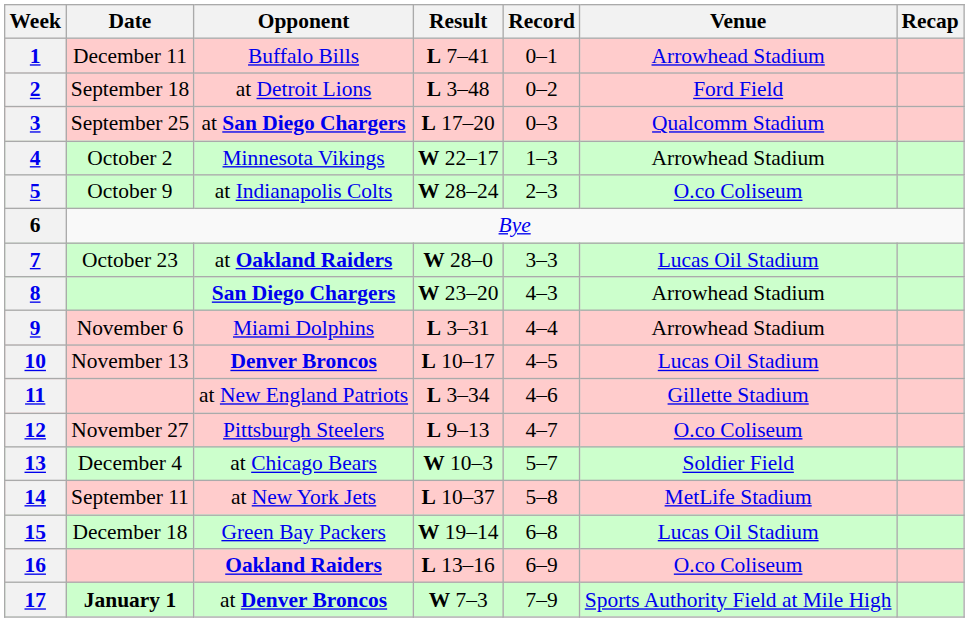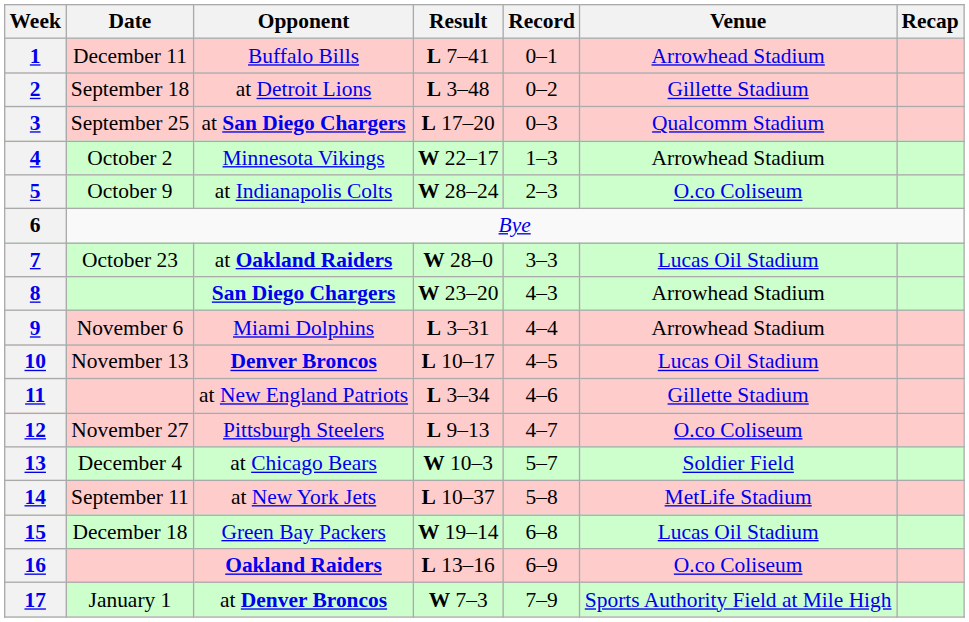 <table class="wikitable" style="text-align:center">
 <tr>
 <th>Week</th>
 <th>Date</th>
 <th>Opponent</th>
 <th>Result</th>
 <th>Record</th>
 <th>Venue</th>
 <th>Recap</th>
 </tr>
 <tr style="background:#fcc">
 <th><a href='#'>1</a></th>
 <td>December 11</td>
 <td><a href='#'>Buffalo Bills</a></td>
 <td><strong>L</strong> 7–41</td>
 <td>0–1</td>
 <td><a href='#'>Arrowhead Stadium</a></td>
 <td></td>
 </tr>
 <tr style="background:#fcc">
 <th><a href='#'>2</a></th>
 <td>September 18</td>
 <td>at <a href='#'>Detroit Lions</a></td>
 <td><strong>L</strong> 3–48</td>
 <td>0–2</td>
-<td><a href='#'>Ford Field</a></td>
+<td><a href='#'>Gillette Stadium</a></td>
 <td></td>
 </tr>
 <tr style="background:#fcc">
 <th><a href='#'>3</a></th>
 <td>September 25</td>
 <td>at <strong><a href='#'>San Diego Chargers</a></strong></td>
 <td><strong>L</strong> 17–20</td>
 <td>0–3</td>
 <td><a href='#'>Qualcomm Stadium</a></td>
 <td></td>
 </tr>
 <tr style="background:#cfc">
 <th><a href='#'>4</a></th>
 <td>October 2</td>
 <td><a href='#'>Minnesota Vikings</a></td>
 <td><strong>W</strong> 22–17</td>
 <td>1–3</td>
 <td>Arrowhead Stadium</td>
 <td></td>
 </tr>
 <tr style="background:#cfc">
 <th><a href='#'>5</a></th>
 <td>October 9</td>
 <td>at <a href='#'>Indianapolis Colts</a></td>
 <td><strong>W</strong> 28–24</td>
 <td>2–3</td>
 <td><a href='#'>O.co Coliseum</a></td>
 <td></td>
 </tr>
 <tr>
 <th>6</th>
 <td colspan="6"><em><a href='#'>Bye</a></em></td>
 </tr>
 <tr style="background:#cfc">
 <th><a href='#'>7</a></th>
 <td>October 23</td>
 <td>at <strong><a href='#'>Oakland Raiders</a></strong></td>
 <td><strong>W</strong> 28–0</td>
 <td>3–3</td>
 <td><a href='#'>Lucas Oil Stadium</a></td>
 <td></td>
 </tr>
 <tr style="background:#cfc">
 <th><a href='#'>8</a></th>
 <td></td>
 <td><strong><a href='#'>San Diego Chargers</a></strong></td>
 <td><strong>W</strong> 23–20 </td>
 <td>4–3</td>
 <td>Arrowhead Stadium</td>
 <td></td>
 </tr>
 <tr style="background:#fcc">
 <th><a href='#'>9</a></th>
 <td>November 6</td>
 <td><a href='#'>Miami Dolphins</a></td>
 <td><strong>L</strong> 3–31</td>
 <td>4–4</td>
 <td>Arrowhead Stadium</td>
 <td></td>
 </tr>
 <tr style="background:#fcc">
 <th><a href='#'>10</a></th>
 <td>November 13</td>
 <td><strong><a href='#'>Denver Broncos</a></strong></td>
 <td><strong>L</strong> 10–17</td>
 <td>4–5</td>
 <td><a href='#'>Lucas Oil Stadium</a></td>
 <td></td>
 </tr>
 <tr style="background:#fcc">
 <th><a href='#'>11</a></th>
 <td></td>
 <td>at <a href='#'>New England Patriots</a></td>
 <td><strong>L</strong> 3–34</td>
 <td>4–6</td>
 <td><a href='#'>Gillette Stadium</a></td>
 <td></td>
 </tr>
 <tr style="background:#fcc">
 <th><a href='#'>12</a></th>
 <td>November 27</td>
 <td><a href='#'>Pittsburgh Steelers</a></td>
 <td><strong>L</strong> 9–13</td>
 <td>4–7</td>
 <td><a href='#'>O.co Coliseum</a></td>
 <td></td>
 </tr>
 <tr style="background:#cfc">
 <th><a href='#'>13</a></th>
 <td>December 4</td>
 <td>at <a href='#'>Chicago Bears</a></td>
 <td><strong>W</strong> 10–3</td>
 <td>5–7</td>
 <td><a href='#'>Soldier Field</a></td>
 <td></td>
 </tr>
 <tr style="background:#fcc">
 <th><a href='#'>14</a></th>
 <td>September 11</td>
 <td>at <a href='#'>New York Jets</a></td>
 <td><strong>L</strong> 10–37</td>
 <td>5–8</td>
 <td><a href='#'>MetLife Stadium</a></td>
 <td></td>
 </tr>
 <tr style="background:#cfc">
 <th><a href='#'>15</a></th>
 <td>December 18</td>
 <td><a href='#'>Green Bay Packers</a></td>
 <td><strong>W</strong> 19–14</td>
 <td>6–8</td>
 <td><a href='#'>Lucas Oil Stadium</a></td>
 <td></td>
 </tr>
 <tr style="background:#fcc">
 <th><a href='#'>16</a></th>
 <td></td>
 <td><strong><a href='#'>Oakland Raiders</a></strong></td>
 <td><strong>L</strong> 13–16 </td>
 <td>6–9</td>
 <td><a href='#'>O.co Coliseum</a></td>
 <td></td>
 </tr>
 <tr style="background:#cfc">
 <th><a href='#'>17</a></th>
-<td><strong>January 1</strong></td>
+<td>January 1</td>
 <td>at <strong><a href='#'>Denver Broncos</a></strong></td>
 <td><strong>W</strong> 7–3</td>
 <td>7–9</td>
 <td><a href='#'>Sports Authority Field at Mile High</a></td>
 <td></td>
 </tr>
 </table>
